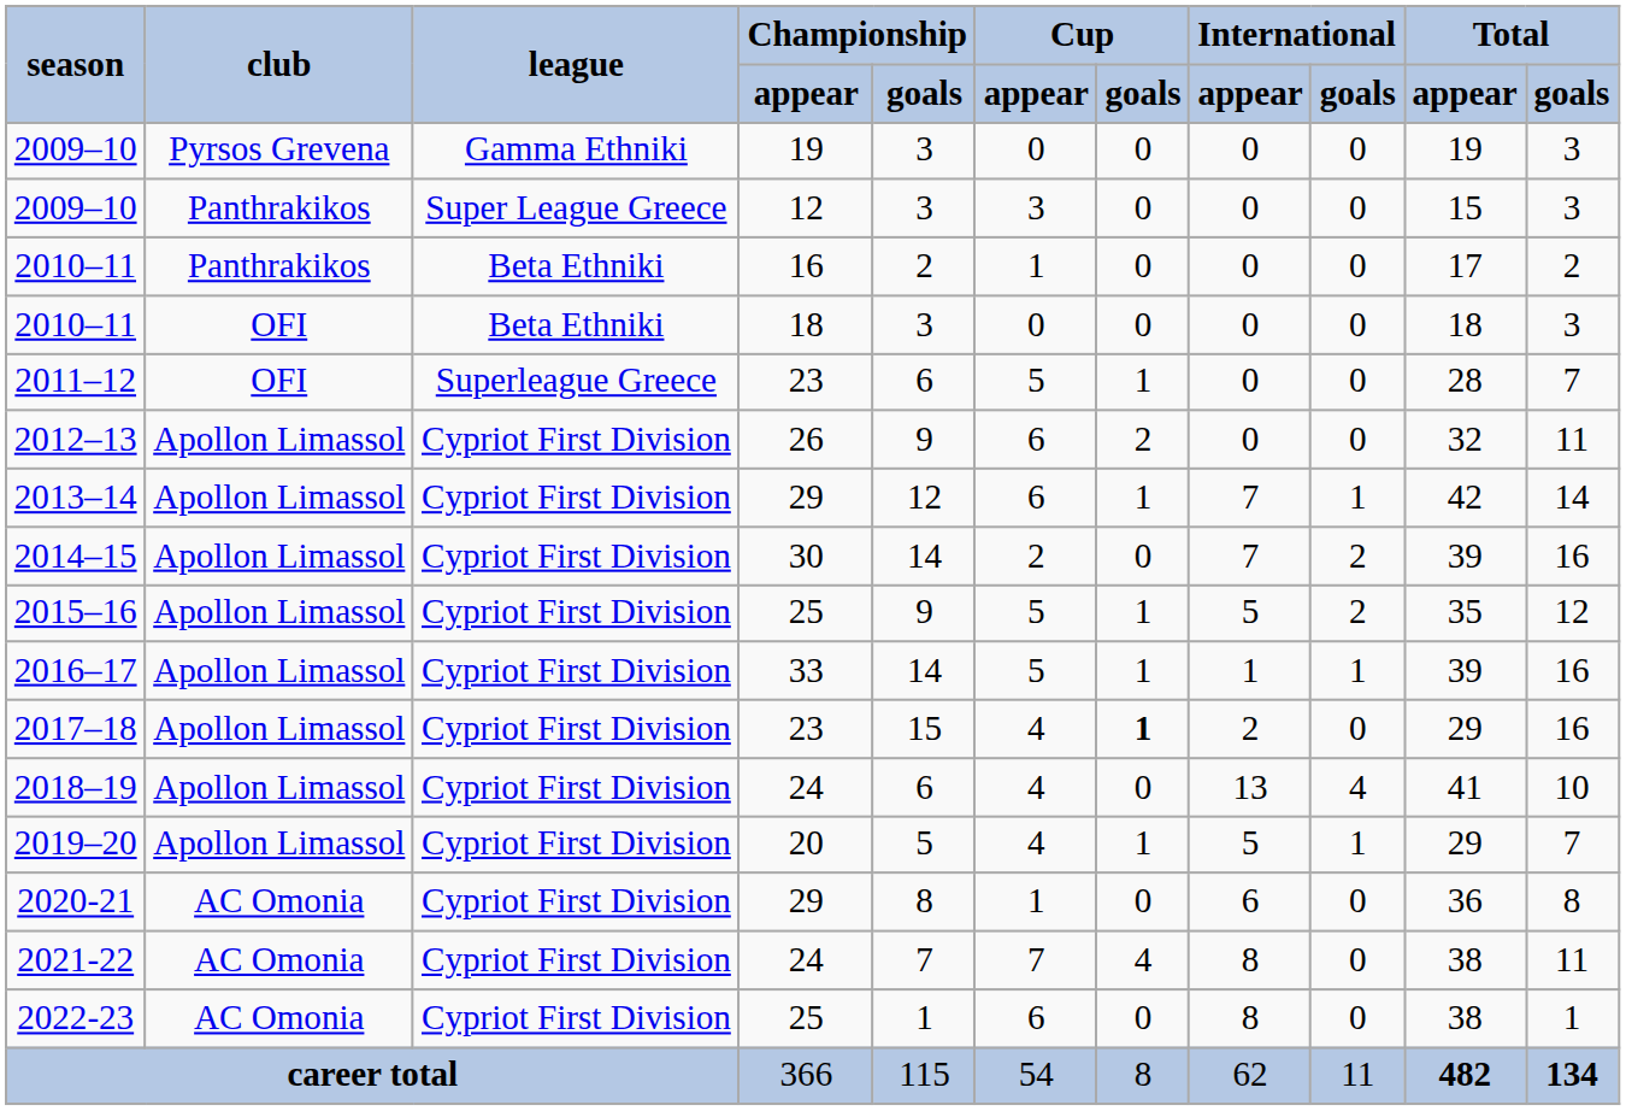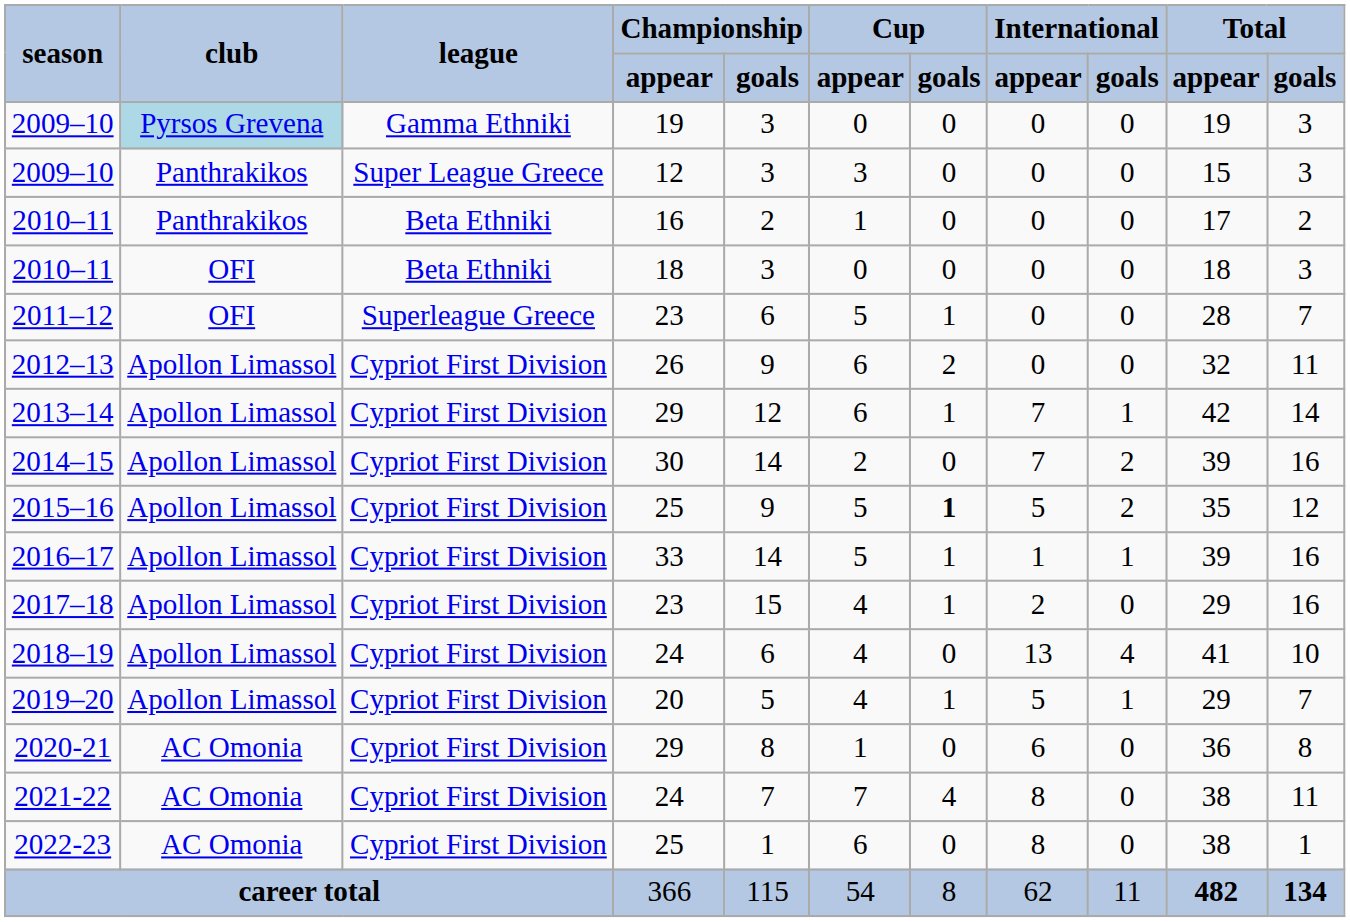 <table class="wikitable" style="text-align:center; font-size:90%">
 <tr bgcolor=#b4c8e4>
 <td rowspan=2><strong>season</strong></td>
 <td rowspan=2><strong>club</strong></td>
 <td rowspan=2><strong>league</strong></td>
 <td colspan=2><strong>Championship</strong></td>
 <td colspan=2><strong>Cup</strong></td>
 <td colspan=2><strong>International</strong></td>
 <td colspan=2><strong>Total</strong></td>
 </tr>
 <tr bgcolor=#b4c8e4>
 <td><strong>appear</strong></td>
 <td><strong>goals</strong></td>
 <td><strong>appear</strong></td>
 <td><strong>goals</strong></td>
 <td><strong>appear</strong></td>
 <td><strong>goals</strong></td>
 <td><strong>appear</strong></td>
 <td><strong>goals</strong></td>
 </tr>
 <tr>
 <td><a href='#'>2009–10</a></td>
-<td rowspan=1><a href='#'>Pyrsos Grevena</a></td>
+<td rowspan=1 style="background: lightblue;"><a href='#'>Pyrsos Grevena</a></td>
 <td rowspan=1><a href='#'>Gamma Ethniki</a></td>
 <td>19</td>
 <td>3</td>
 <td>0</td>
 <td>0</td>
 <td>0</td>
 <td>0</td>
 <td>19</td>
 <td>3</td>
 </tr>
 <tr>
 <td><a href='#'>2009–10</a></td>
 <td rowspan=1><a href='#'>Panthrakikos</a></td>
 <td rowspan=1><a href='#'>Super League Greece</a></td>
 <td>12</td>
 <td>3</td>
 <td>3</td>
 <td>0</td>
 <td>0</td>
 <td>0</td>
 <td>15</td>
 <td>3</td>
 </tr>
 <tr>
 <td><a href='#'>2010–11</a></td>
 <td rowspan=1><a href='#'>Panthrakikos</a></td>
 <td rowspan=1><a href='#'>Beta Ethniki</a></td>
 <td>16</td>
 <td>2</td>
 <td>1</td>
 <td>0</td>
 <td>0</td>
 <td>0</td>
 <td>17</td>
 <td>2</td>
 </tr>
 <tr>
 <td><a href='#'>2010–11</a></td>
 <td rowspan=1><a href='#'>OFI</a></td>
 <td rowspan=1><a href='#'>Beta Ethniki</a></td>
 <td>18</td>
 <td>3</td>
 <td>0</td>
 <td>0</td>
 <td>0</td>
 <td>0</td>
 <td>18</td>
 <td>3</td>
 </tr>
 <tr>
 <td><a href='#'>2011–12</a></td>
 <td rowspan=1><a href='#'>OFI</a></td>
 <td rowspan=1><a href='#'>Superleague Greece</a></td>
 <td>23</td>
 <td>6</td>
 <td>5</td>
 <td>1</td>
 <td>0</td>
 <td>0</td>
 <td>28</td>
 <td>7</td>
 </tr>
 <tr>
 <td><a href='#'>2012–13</a></td>
 <td rowspan=1><a href='#'>Apollon Limassol</a></td>
 <td rowspan=1><a href='#'>Cypriot First Division</a></td>
 <td>26</td>
 <td>9</td>
 <td>6</td>
 <td>2</td>
 <td>0</td>
 <td>0</td>
 <td>32</td>
 <td>11</td>
 </tr>
 <tr>
 <td><a href='#'>2013–14</a></td>
 <td rowspan=1><a href='#'>Apollon Limassol</a></td>
 <td rowspan=1><a href='#'>Cypriot First Division</a></td>
 <td>29</td>
 <td>12</td>
 <td>6</td>
 <td>1</td>
 <td>7</td>
 <td>1</td>
 <td>42</td>
 <td>14</td>
 </tr>
 <tr>
 <td><a href='#'>2014–15</a></td>
 <td rowspan=1><a href='#'>Apollon Limassol</a></td>
 <td rowspan=1><a href='#'>Cypriot First Division</a></td>
 <td>30</td>
 <td>14</td>
 <td>2</td>
 <td>0</td>
 <td>7</td>
 <td>2</td>
 <td>39</td>
 <td>16</td>
 </tr>
 <tr>
 <td><a href='#'>2015–16</a></td>
 <td rowspan=1><a href='#'>Apollon Limassol</a></td>
 <td rowspan=1><a href='#'>Cypriot First Division</a></td>
 <td>25</td>
 <td>9</td>
 <td>5</td>
-<td>1</td>
+<td><strong>1</strong></td>
 <td>5</td>
 <td>2</td>
 <td>35</td>
 <td>12</td>
 </tr>
 <tr>
 <td><a href='#'>2016–17</a></td>
 <td rowspan=1><a href='#'>Apollon Limassol</a></td>
 <td rowspan=1><a href='#'>Cypriot First Division</a></td>
 <td>33</td>
 <td>14</td>
 <td>5</td>
 <td>1</td>
 <td>1</td>
 <td>1</td>
 <td>39</td>
 <td>16</td>
 </tr>
 <tr>
 <td><a href='#'>2017–18</a></td>
 <td rowspan=1><a href='#'>Apollon Limassol</a></td>
 <td rowspan=1><a href='#'>Cypriot First Division</a></td>
 <td>23</td>
 <td>15</td>
 <td>4</td>
-<td><strong>1</strong></td>
+<td>1</td>
 <td>2</td>
 <td>0</td>
 <td>29</td>
 <td>16</td>
 </tr>
 <tr>
 <td><a href='#'>2018–19</a></td>
 <td rowspan=1><a href='#'>Apollon Limassol</a></td>
 <td rowspan=1><a href='#'>Cypriot First Division</a></td>
 <td>24</td>
 <td>6</td>
 <td>4</td>
 <td>0</td>
 <td>13</td>
 <td>4</td>
 <td>41</td>
 <td>10</td>
 </tr>
 <tr>
 <td><a href='#'>2019–20</a></td>
 <td rowspan=1><a href='#'>Apollon Limassol</a></td>
 <td rowspan=1><a href='#'>Cypriot First Division</a></td>
 <td>20</td>
 <td>5</td>
 <td>4</td>
 <td>1</td>
 <td>5</td>
 <td>1</td>
 <td>29</td>
 <td>7</td>
 </tr>
 <tr>
 <td><a href='#'>2020-21</a></td>
 <td rowspan=1><a href='#'>AC Omonia</a></td>
 <td rowspan=1><a href='#'>Cypriot First Division</a></td>
 <td>29</td>
 <td>8</td>
 <td>1</td>
 <td>0</td>
 <td>6</td>
 <td>0</td>
 <td>36</td>
 <td>8</td>
 </tr>
 <tr>
 <td><a href='#'>2021-22</a></td>
 <td rowspan=1><a href='#'>AC Omonia</a></td>
 <td rowspan=1><a href='#'>Cypriot First Division</a></td>
 <td>24</td>
 <td>7</td>
 <td>7</td>
 <td>4</td>
 <td>8</td>
 <td>0</td>
 <td>38</td>
 <td>11</td>
 </tr>
 <tr>
 <td><a href='#'>2022-23</a></td>
 <td rowspan=1><a href='#'>AC Omonia</a></td>
 <td rowspan=1><a href='#'>Cypriot First Division</a></td>
 <td>25</td>
 <td>1</td>
 <td>6</td>
 <td>0</td>
 <td>8</td>
 <td>0</td>
 <td>38</td>
 <td>1</td>
 </tr>
 <tr bgcolor=#b4c8e4>
 <td colspan=3><strong>career total</strong></td>
 <td>366</td>
 <td>115</td>
 <td>54</td>
 <td>8</td>
 <td>62</td>
 <td>11</td>
 <td><strong>482</strong></td>
 <td><strong>134</strong></td>
 </tr>
 </table>
